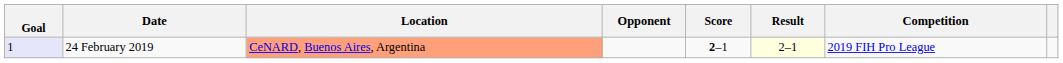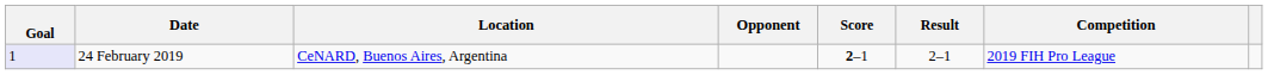 <table class="wikitable sortable" style="font-size:90%" width=97%>
 <tr>
 <th style="font-size:95%;" data-sort-type=number><br>Goal</th>
 <th align=center>Date</th>
 <th>Location</th>
 <th width=90>Opponent</th>
 <th data-sort-type="number" style="font-size:95%">Score</th>
 <th data-sort-type="number" style="font-size:95%">Result</th>
 <th>Competition</th>
 <th></th>
 </tr>
 <tr>
 <td style="background: lavender;">1</td>
 <td>24 February 2019</td>
-<td style="background: lightsalmon;"><a href='#'>CeNARD</a>, <a href='#'>Buenos Aires</a>, Argentina</td>
+<td><a href='#'>CeNARD</a>, <a href='#'>Buenos Aires</a>, Argentina</td>
 <td></td>
 <td align="center"><strong>2</strong>–1</td>
-<td align="center" style="background: lightyellow;">2–1</td>
+<td align="center">2–1</td>
 <td rowspan=2><a href='#'>2019 FIH Pro League</a></td>
 <td></td>
 </tr>
 </table>
